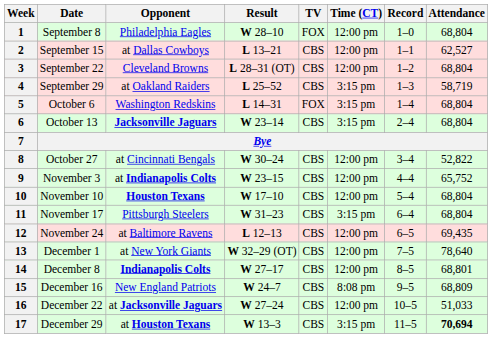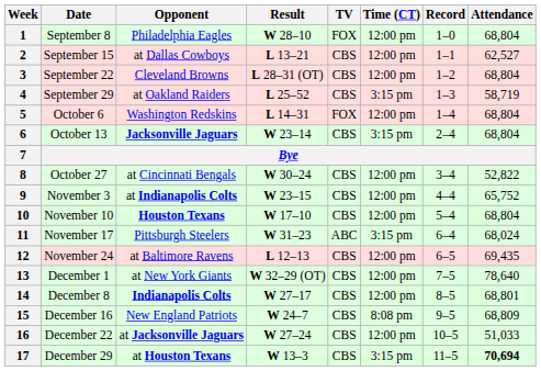 <table class="wikitable" style="text-align:center">
 <tr>
 <th>Week</th>
 <th>Date</th>
 <th>Opponent</th>
 <th>Result</th>
 <th>TV</th>
 <th>Time (<a href='#'>CT</a>)</th>
 <th>Record</th>
 <th>Attendance</th>
 </tr>
 <tr style="background:#ddffdd">
 <th>1</th>
 <td>September 8</td>
 <td><a href='#'>Philadelphia Eagles</a></td>
 <td><strong>W</strong> 28–10</td>
 <td>FOX</td>
 <td>12:00 pm</td>
 <td>1–0</td>
 <td>68,804</td>
 </tr>
 <tr style="background:#ffdddd">
 <th>2</th>
 <td>September 15</td>
 <td>at <a href='#'>Dallas Cowboys</a></td>
 <td><strong>L</strong> 13–21</td>
 <td>CBS</td>
 <td>12:00 pm</td>
 <td>1–1</td>
 <td>62,527</td>
 </tr>
 <tr style="background:#ffdddd">
 <th>3</th>
 <td>September 22</td>
 <td><a href='#'>Cleveland Browns</a></td>
 <td><strong>L</strong> 28–31 (OT)</td>
 <td>CBS</td>
 <td>12:00 pm</td>
 <td>1–2</td>
 <td>68,804</td>
 </tr>
 <tr style="background:#ffdddd">
 <th>4</th>
 <td>September 29</td>
 <td>at <a href='#'>Oakland Raiders</a></td>
 <td><strong>L</strong> 25–52</td>
 <td>CBS</td>
 <td>3:15 pm</td>
 <td>1–3</td>
 <td>58,719</td>
 </tr>
 <tr style="background:#ffdddd">
 <th>5</th>
 <td>October 6</td>
 <td><a href='#'>Washington Redskins</a></td>
 <td><strong>L</strong> 14–31</td>
 <td>FOX</td>
-<td>3:15 pm</td>
+<td>12:00 pm</td>
 <td>1–4</td>
 <td>68,804</td>
 </tr>
 <tr style="background:#ddffdd">
 <th>6</th>
 <td>October 13</td>
 <td><strong><a href='#'>Jacksonville Jaguars</a></strong></td>
 <td><strong>W</strong> 23–14</td>
 <td>CBS</td>
 <td>3:15 pm</td>
 <td>2–4</td>
 <td>68,804</td>
 </tr>
 <tr>
 <th>7</th>
 <th colspan=7><em><a href='#'>Bye</a></em></th>
 </tr>
 <tr style="background:#ddffdd">
 <th>8</th>
 <td>October 27</td>
 <td>at <a href='#'>Cincinnati Bengals</a></td>
 <td><strong>W</strong> 30–24</td>
 <td>CBS</td>
 <td>12:00 pm</td>
 <td>3–4</td>
 <td>52,822</td>
 </tr>
 <tr style="background:#ddffdd">
 <th>9</th>
 <td>November 3</td>
 <td>at <strong><a href='#'>Indianapolis Colts</a></strong></td>
 <td><strong>W</strong> 23–15</td>
 <td>CBS</td>
 <td>12:00 pm</td>
 <td>4–4</td>
 <td>65,752</td>
 </tr>
 <tr style="background:#ddffdd">
 <th>10</th>
 <td>November 10</td>
 <td><strong><a href='#'>Houston Texans</a></strong></td>
 <td><strong>W</strong> 17–10</td>
 <td>CBS</td>
 <td>12:00 pm</td>
 <td>5–4</td>
 <td>68,804</td>
 </tr>
 <tr style="background:#ddffdd">
 <th>11</th>
 <td>November 17</td>
 <td><a href='#'>Pittsburgh Steelers</a></td>
 <td><strong>W</strong> 31–23</td>
-<td>CBS</td>
+<td>ABC</td>
 <td>3:15 pm</td>
 <td>6–4</td>
-<td>68,804</td>
+<td>68,024</td>
 </tr>
 <tr style="background:#ffdddd">
 <th>12</th>
 <td>November 24</td>
 <td>at <a href='#'>Baltimore Ravens</a></td>
 <td><strong>L</strong> 12–13</td>
 <td>CBS</td>
 <td>12:00 pm</td>
 <td>6–5</td>
 <td>69,435</td>
 </tr>
 <tr style="background:#ddffdd">
 <th>13</th>
 <td>December 1</td>
 <td>at <a href='#'>New York Giants</a></td>
 <td><strong>W</strong> 32–29 (OT)</td>
 <td>CBS</td>
 <td>12:00 pm</td>
 <td>7–5</td>
 <td>78,640</td>
 </tr>
 <tr style="background:#ddffdd">
 <th>14</th>
 <td>December 8</td>
 <td><strong><a href='#'>Indianapolis Colts</a></strong></td>
 <td><strong>W</strong> 27–17</td>
 <td>CBS</td>
 <td>12:00 pm</td>
 <td>8–5</td>
 <td>68,801</td>
 </tr>
 <tr style="background:#ddffdd">
 <th>15</th>
 <td>December 16</td>
 <td><a href='#'>New England Patriots</a></td>
 <td><strong>W</strong> 24–7</td>
 <td>CBS</td>
 <td>8:08 pm</td>
 <td>9–5</td>
 <td>68,809</td>
 </tr>
 <tr style="background:#ddffdd">
 <th>16</th>
 <td>December 22</td>
 <td>at <strong><a href='#'>Jacksonville Jaguars</a></strong></td>
 <td><strong>W</strong> 27–24</td>
 <td>CBS</td>
 <td>12:00 pm</td>
 <td>10–5</td>
 <td>51,033</td>
 </tr>
 <tr style="background:#ddffdd">
 <th>17</th>
 <td>December 29</td>
 <td>at <strong><a href='#'>Houston Texans</a></strong></td>
 <td><strong>W</strong> 13–3</td>
 <td>CBS</td>
 <td>3:15 pm</td>
 <td>11–5</td>
 <td><strong>70,694</strong></td>
 </tr>
 </table>
